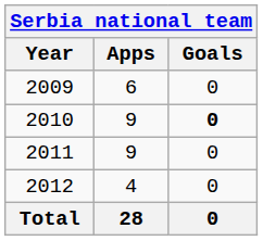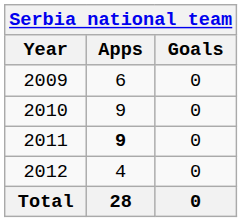 <table class="wikitable" style="text-align:center">
 <tr>
 <th colspan=3><a href='#'>Serbia national team</a></th>
 </tr>
 <tr>
 <th>Year</th>
 <th>Apps</th>
 <th>Goals</th>
 </tr>
 <tr>
 <td>2009</td>
 <td>6</td>
 <td>0</td>
 </tr>
 <tr>
 <td>2010</td>
 <td>9</td>
-<td><strong>0</strong></td>
+<td>0</td>
 </tr>
 <tr>
 <td>2011</td>
-<td>9</td>
+<td><strong>9</strong></td>
 <td>0</td>
 </tr>
 <tr>
 <td>2012</td>
 <td>4</td>
 <td>0</td>
 </tr>
 <tr>
 <th>Total</th>
 <th>28</th>
 <th>0</th>
 </tr>
 </table>
